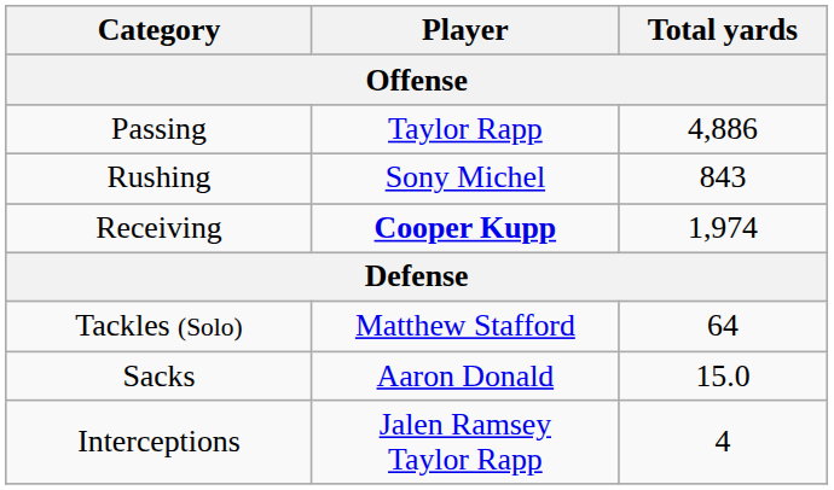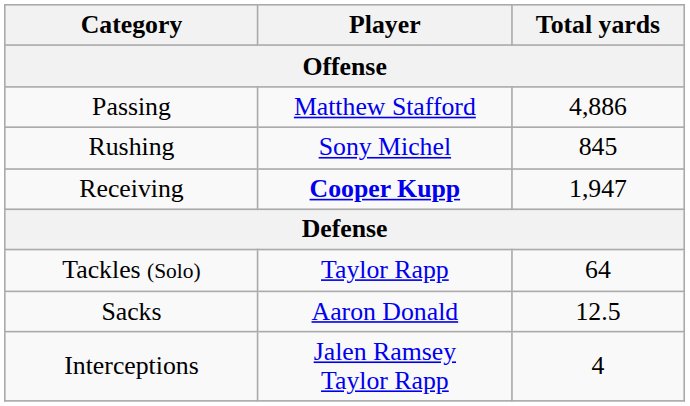 <table class="wikitable" style="text-align:center">
 <tr>
 <th width="150">Category</th>
 <th width="150">Player</th>
 <th width="100">Total yards</th>
 </tr>
 <tr>
 <th align="center" colspan="4">Offense</th>
 </tr>
 <tr>
 <td>Passing</td>
-<td><a href='#'>Taylor Rapp</a></td>
+<td><a href='#'>Matthew Stafford</a></td>
 <td>4,886</td>
 </tr>
 <tr>
 <td>Rushing</td>
 <td><a href='#'>Sony Michel</a></td>
-<td>843</td>
+<td>845</td>
 </tr>
 <tr>
 <td>Receiving</td>
 <td><strong><a href='#'>Cooper Kupp</a></strong></td>
-<td>1,974</td>
+<td>1,947</td>
 </tr>
 <tr>
 <th align="center" colspan="4">Defense</th>
 </tr>
 <tr>
 <td>Tackles <small>(Solo)</small></td>
-<td><a href='#'>Matthew Stafford</a></td>
+<td><a href='#'>Taylor Rapp</a></td>
 <td>64</td>
 </tr>
 <tr>
 <td>Sacks</td>
 <td><a href='#'>Aaron Donald</a></td>
-<td>15.0</td>
+<td>12.5</td>
 </tr>
 <tr>
 <td>Interceptions</td>
 <td><a href='#'>Jalen Ramsey</a><br><a href='#'>Taylor Rapp</a></td>
 <td>4</td>
 </tr>
 </table>
